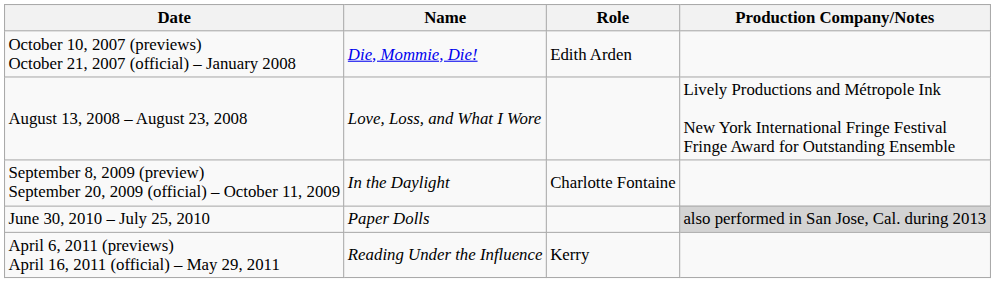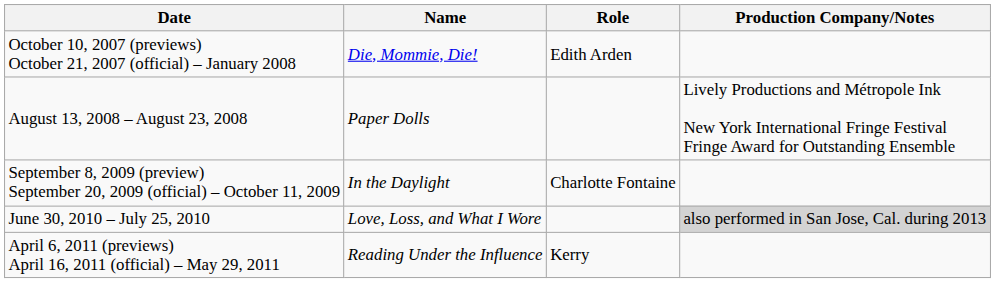 <table class="wikitable sortable">
 <tr>
 <th>Date</th>
 <th class="unsortable">Name</th>
 <th class="unsortable">Role</th>
 <th class="unsortable">Production Company/Notes</th>
 </tr>
 <tr>
 <td>October 10, 2007 (previews)<br>October 21, 2007 (official) – January 2008</td>
 <td><em><a href='#'>Die, Mommie, Die!</a></em></td>
 <td>Edith Arden</td>
 <td></td>
 </tr>
 <tr>
 <td>August 13, 2008 – August 23, 2008</td>
-<td><em>Love, Loss, and What I Wore</em></td>
+<td><em>Paper Dolls</em></td>
 <td></td>
 <td>Lively Productions and Métropole Ink<br><br>New York International Fringe Festival<br> Fringe Award for Outstanding Ensemble</td>
 </tr>
 <tr>
 <td>September 8, 2009 (preview)<br>September 20, 2009 (official) – October 11, 2009</td>
 <td><em>In the Daylight</em></td>
 <td>Charlotte Fontaine</td>
 <td></td>
 </tr>
 <tr>
 <td>June 30, 2010 – July 25, 2010</td>
-<td><em>Paper Dolls</em></td>
+<td><em>Love, Loss, and What I Wore</em></td>
 <td></td>
 <td style="background: lightgrey;">also performed in San Jose, Cal. during 2013</td>
 </tr>
 <tr>
 <td>April 6, 2011 (previews)<br>April 16, 2011 (official) – May 29, 2011</td>
 <td><em>Reading Under the Influence</em></td>
 <td>Kerry</td>
 <td></td>
 </tr>
 </table>
